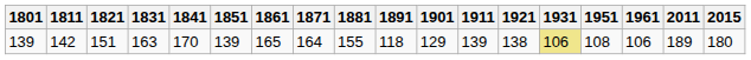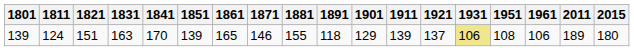 <table class="wikitable">
 <tr>
 <th>1801</th>
 <th>1811</th>
 <th>1821</th>
 <th>1831</th>
 <th>1841</th>
 <th>1851</th>
 <th>1861</th>
 <th>1871</th>
 <th>1881</th>
 <th>1891</th>
 <th>1901</th>
 <th>1911</th>
 <th>1921</th>
 <th>1931</th>
 <th>1951</th>
 <th>1961</th>
 <th>2011</th>
 <th>2015</th>
 </tr>
 <tr>
 <td>139</td>
-<td>142</td>
+<td>124</td>
 <td>151</td>
 <td>163</td>
 <td>170</td>
 <td>139</td>
 <td>165</td>
-<td>164</td>
+<td>146</td>
 <td>155</td>
 <td>118</td>
 <td>129</td>
 <td>139</td>
-<td>138</td>
+<td>137</td>
 <td style="background: khaki;">106</td>
 <td>108</td>
 <td>106</td>
 <td>189</td>
 <td>180</td>
 </tr>
 </table>
